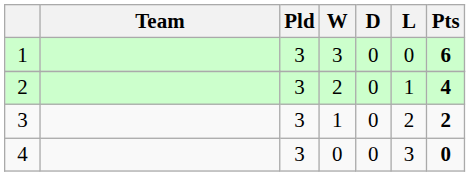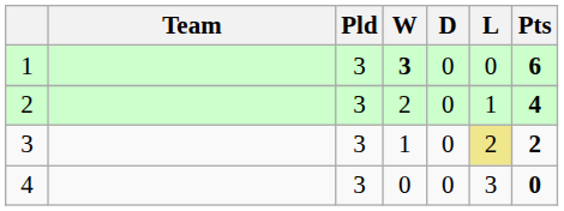 <table class="wikitable" style="text-align:center;">
 <tr>
 <th width=20 abbr="Position"></th>
 <th width=175>Team</th>
 <th width=20 abbr="Played">Pld</th>
 <th width=20 abbr="Won">W</th>
 <th width=20 abbr="Drawn">D</th>
 <th width=20 abbr="Lost">L</th>
 <th width=20 abbr="Points">Pts</th>
 </tr>
 <tr style="background: #ccffcc;">
 <td>1</td>
 <td style="text-align:left;"></td>
 <td>3</td>
-<td>3</td>
+<td><strong>3</strong></td>
 <td>0</td>
 <td>0</td>
 <td><strong>6</strong></td>
 </tr>
 <tr>
 </tr>
 <tr style="background: #ccffcc;">
 <td>2</td>
 <td style="text-align:left;"></td>
 <td>3</td>
 <td>2</td>
 <td>0</td>
 <td>1</td>
 <td><strong>4</strong></td>
 </tr>
 <tr>
 <td>3</td>
 <td style="text-align:left;"></td>
 <td>3</td>
 <td>1</td>
 <td>0</td>
-<td>2</td>
+<td style="background: khaki;">2</td>
 <td><strong>2</strong></td>
 </tr>
 <tr>
 <td>4</td>
 <td style="text-align:left;"></td>
 <td>3</td>
 <td>0</td>
 <td>0</td>
 <td>3</td>
 <td><strong>0</strong></td>
 </tr>
 </table>
